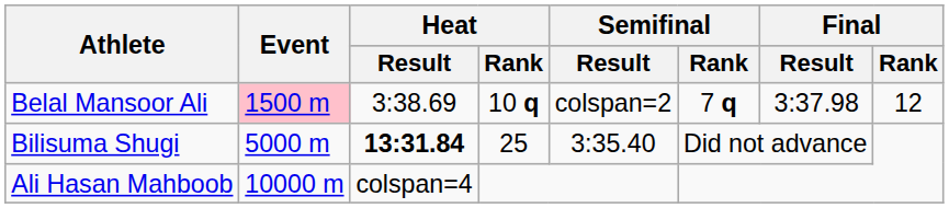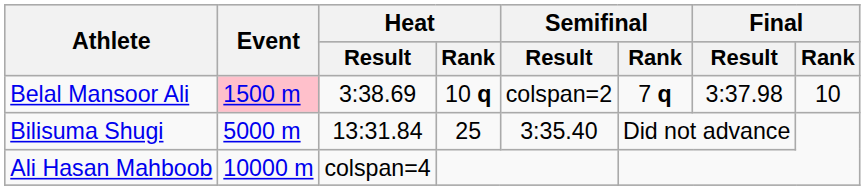 <table class="wikitable" style="font-size:90%">
 <tr>
 <th rowspan="2">Athlete</th>
 <th rowspan="2">Event</th>
 <th colspan="2">Heat</th>
 <th colspan="2">Semifinal</th>
 <th colspan="2">Final</th>
 </tr>
 <tr style="font-size:95%">
 <th>Result</th>
 <th>Rank</th>
 <th>Result</th>
 <th>Rank</th>
 <th>Result</th>
 <th>Rank</th>
 </tr>
 <tr align=center>
 <td align=left><a href='#'>Belal Mansoor Ali</a></td>
 <td align=left style="background: pink;"><a href='#'>1500 m</a></td>
 <td>3:38.69</td>
 <td>10 <strong>q</strong></td>
 <td>colspan=2 </td>
 <td>7 <strong>q</strong></td>
 <td>3:37.98</td>
-<td>12</td>
+<td>10</td>
 </tr>
 <tr align=center>
 <td align=left><a href='#'>Bilisuma Shugi</a></td>
 <td align=left><a href='#'>5000 m</a></td>
-<td><strong>13:31.84</strong></td>
+<td>13:31.84</td>
 <td>25</td>
 <td>3:35.40</td>
 <td colspan=2>Did not advance</td>
 </tr>
 <tr align=center>
 <td align=left><a href='#'>Ali Hasan Mahboob</a></td>
 <td align=left><a href='#'>10000 m</a></td>
 <td>colspan=4 </td>
 <td colspan=2></td>
 </tr>
 </table>
